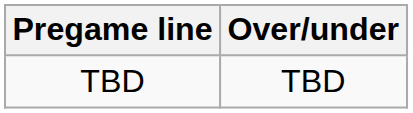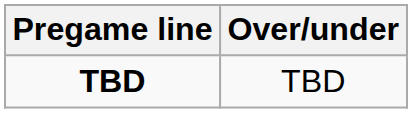 <table class="wikitable">
 <tr align="center">
 <th style=>Pregame line</th>
 <th style=>Over/under</th>
 </tr>
 <tr align="center">
-<td>TBD</td>
+<td><strong>TBD</strong></td>
 <td>TBD</td>
 </tr>
 </table>
